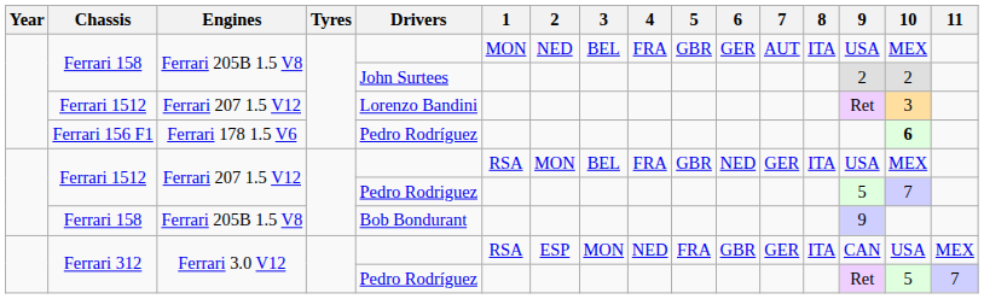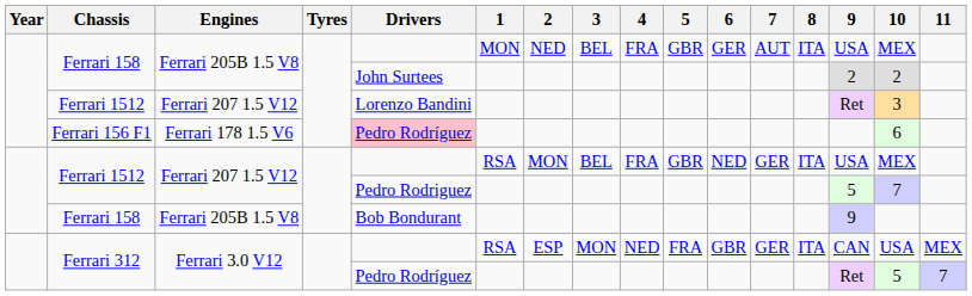 <table class="wikitable" style="text-align:center; font-size:95%">
 <tr>
 <th>Year</th>
 <th>Chassis</th>
 <th>Engines</th>
 <th>Tyres</th>
 <th>Drivers</th>
 <th>1</th>
 <th>2</th>
 <th>3</th>
 <th>4</th>
 <th>5</th>
 <th>6</th>
 <th>7</th>
 <th>8</th>
 <th>9</th>
 <th>10</th>
 <th>11</th>
 </tr>
 <tr>
 <td rowspan="4"></td>
 <td rowspan="2"><a href='#'>Ferrari 158</a></td>
 <td rowspan="2"><a href='#'>Ferrari</a> 205B 1.5 <a href='#'>V8</a></td>
 <td rowspan="4"></td>
 <td></td>
 <td><a href='#'>MON</a></td>
 <td><a href='#'>NED</a></td>
 <td><a href='#'>BEL</a></td>
 <td><a href='#'>FRA</a></td>
 <td><a href='#'>GBR</a></td>
 <td><a href='#'>GER</a></td>
 <td><a href='#'>AUT</a></td>
 <td><a href='#'>ITA</a></td>
 <td><a href='#'>USA</a></td>
 <td><a href='#'>MEX</a></td>
 <td></td>
 </tr>
 <tr>
 <td align="left"> <a href='#'>John Surtees</a></td>
 <td></td>
 <td></td>
 <td></td>
 <td></td>
 <td></td>
 <td></td>
 <td></td>
 <td></td>
 <td style="background:#DFDFDF;">2</td>
 <td style="background:#DFDFDF;">2</td>
 <td></td>
 </tr>
 <tr>
 <td><a href='#'>Ferrari 1512</a></td>
 <td><a href='#'>Ferrari</a> 207 1.5 <a href='#'>V12</a></td>
 <td align="left"> <a href='#'>Lorenzo Bandini</a></td>
 <td></td>
 <td></td>
 <td></td>
 <td></td>
 <td></td>
 <td></td>
 <td></td>
 <td></td>
 <td style="background:#EFCFFF;">Ret</td>
 <td style="background:#FFDF9F;">3</td>
 <td></td>
 </tr>
 <tr>
 <td><a href='#'>Ferrari 156 F1</a></td>
 <td><a href='#'>Ferrari</a> 178 1.5 <a href='#'>V6</a></td>
-<td align="left"> <a href='#'>Pedro Rodríguez</a></td>
+<td align="left" style="background: pink;"> <a href='#'>Pedro Rodríguez</a></td>
 <td></td>
 <td></td>
 <td></td>
 <td></td>
 <td></td>
 <td></td>
 <td></td>
 <td></td>
 <td></td>
-<td style="background:#DFFFDF;"><strong>6</strong></td>
+<td style="background:#DFFFDF;">6</td>
 <td></td>
 </tr>
 <tr>
 <td rowspan="3"></td>
 <td rowspan="2"><a href='#'>Ferrari 1512</a></td>
 <td rowspan="2"><a href='#'>Ferrari</a> 207 1.5 <a href='#'>V12</a></td>
 <td rowspan="3"></td>
 <td></td>
 <td><a href='#'>RSA</a></td>
 <td><a href='#'>MON</a></td>
 <td><a href='#'>BEL</a></td>
 <td><a href='#'>FRA</a></td>
 <td><a href='#'>GBR</a></td>
 <td><a href='#'>NED</a></td>
 <td><a href='#'>GER</a></td>
 <td><a href='#'>ITA</a></td>
 <td><a href='#'>USA</a></td>
 <td><a href='#'>MEX</a></td>
 <td></td>
 </tr>
 <tr>
 <td align="left"> <a href='#'>Pedro Rodriguez</a></td>
 <td></td>
 <td></td>
 <td></td>
 <td></td>
 <td></td>
 <td></td>
 <td></td>
 <td></td>
 <td style="background:#DFFFDF;">5</td>
 <td style="background:#CFCFFF;">7</td>
 <td></td>
 </tr>
 <tr>
 <td><a href='#'>Ferrari 158</a></td>
 <td><a href='#'>Ferrari</a> 205B 1.5 <a href='#'>V8</a></td>
 <td align="left"> <a href='#'>Bob Bondurant</a></td>
 <td></td>
 <td></td>
 <td></td>
 <td></td>
 <td></td>
 <td></td>
 <td></td>
 <td></td>
 <td style="background:#CFCFFF;">9</td>
 <td></td>
 <td></td>
 </tr>
 <tr>
 <td rowspan="2"></td>
 <td rowspan="2"><a href='#'>Ferrari 312</a></td>
 <td rowspan="2"><a href='#'>Ferrari</a> 3.0 <a href='#'>V12</a></td>
 <td rowspan="2"></td>
 <td></td>
 <td><a href='#'>RSA</a></td>
 <td><a href='#'>ESP</a></td>
 <td><a href='#'>MON</a></td>
 <td><a href='#'>NED</a></td>
 <td><a href='#'>FRA</a></td>
 <td><a href='#'>GBR</a></td>
 <td><a href='#'>GER</a></td>
 <td><a href='#'>ITA</a></td>
 <td><a href='#'>CAN</a></td>
 <td><a href='#'>USA</a></td>
 <td><a href='#'>MEX</a></td>
 </tr>
 <tr>
 <td align="left"> <a href='#'>Pedro Rodríguez</a></td>
 <td></td>
 <td></td>
 <td></td>
 <td></td>
 <td></td>
 <td></td>
 <td></td>
 <td></td>
 <td style="background:#efcfff;">Ret</td>
 <td style="background:#dfffdf;">5</td>
 <td style="background:#cfcfff;">7</td>
 </tr>
 </table>
